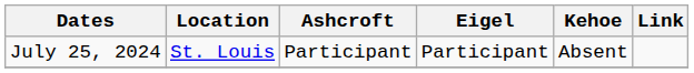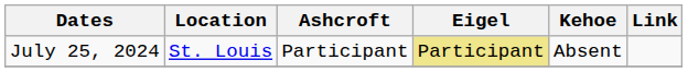 <table class="wikitable" style="text-align:center">
 <tr>
 <th>Dates</th>
 <th>Location</th>
 <th>Ashcroft</th>
 <th>Eigel</th>
 <th>Kehoe</th>
 <th>Link</th>
 </tr>
 <tr>
 <td>July 25, 2024</td>
 <td><a href='#'>St. Louis</a></td>
 <td>Participant</td>
-<td>Participant</td>
+<td style="background: khaki;">Participant</td>
 <td>Absent</td>
 <td align=left></td>
 </tr>
 <tr>
 </tr>
 </table>
